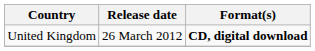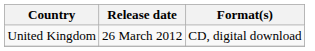 <table class="wikitable plainrowheaders">
 <tr>
 <th scope="col">Country</th>
 <th scope="col">Release date</th>
 <th scope="col">Format(s)</th>
 </tr>
 <tr>
 <td>United Kingdom</td>
 <td>26 March 2012</td>
-<td><strong>CD, digital download</strong></td>
+<td>CD, digital download</td>
 </tr>
 <tr>
 </tr>
 </table>
